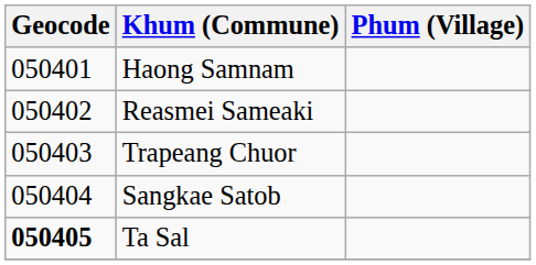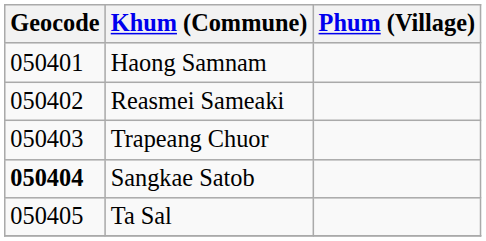 <table class="wikitable">
 <tr>
 <th>Geocode</th>
 <th><a href='#'>Khum</a> (Commune)</th>
 <th><a href='#'>Phum</a> (Village)</th>
 </tr>
 <tr>
 <td>050401</td>
 <td>Haong Samnam</td>
 <td></td>
 </tr>
 <tr>
 <td>050402</td>
 <td>Reasmei Sameaki</td>
 <td></td>
 </tr>
 <tr>
 <td>050403</td>
 <td>Trapeang Chuor</td>
 <td></td>
 </tr>
 <tr>
-<td>050404</td>
+<td><strong>050404</strong></td>
 <td>Sangkae Satob</td>
 <td></td>
 </tr>
 <tr>
-<td><strong>050405</strong></td>
+<td>050405</td>
 <td>Ta Sal</td>
 <td></td>
 </tr>
 <tr>
 </tr>
 </table>
